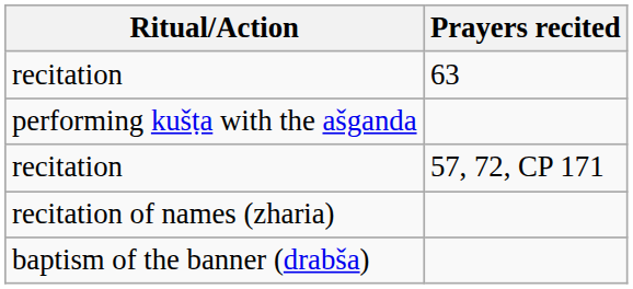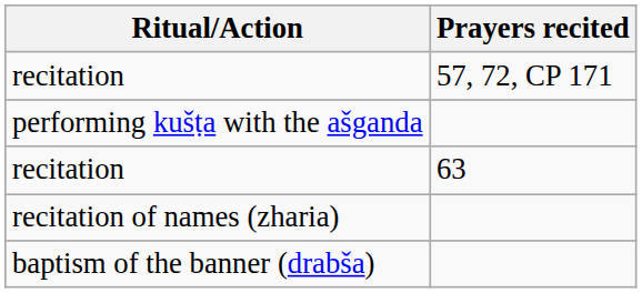 <table class="wikitable">
 <tr>
 <th>Ritual/Action</th>
 <th>Prayers recited</th>
 </tr>
 <tr>
 <td>recitation</td>
-<td>63</td>
+<td>57, 72, CP 171</td>
 </tr>
 <tr>
 <td>performing <a href='#'>kušṭa</a> with the <a href='#'>ašganda</a></td>
 </tr>
 <tr>
 <td>recitation</td>
-<td>57, 72, CP 171</td>
+<td>63</td>
 </tr>
 <tr>
 <td>recitation of names (zharia)</td>
 <td></td>
 </tr>
 <tr>
 <td>baptism of the banner (<a href='#'>drabša</a>)</td>
 <td></td>
 </tr>
 </table>
